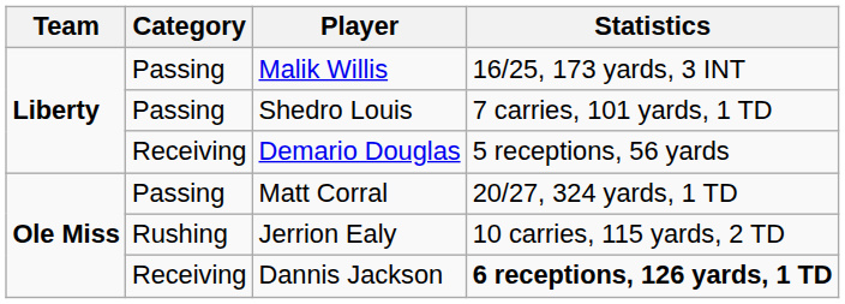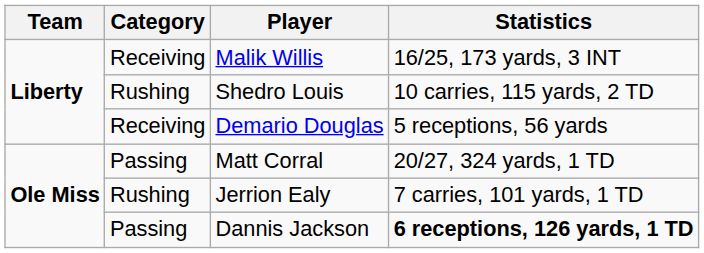 <table class="wikitable" style="float: right;">
 <tr>
 <th>Team</th>
 <th>Category</th>
 <th>Player</th>
 <th>Statistics</th>
 </tr>
 <tr>
 <td rowspan=3><strong>Liberty</strong></td>
-<td>Passing</td>
+<td>Receiving</td>
 <td><a href='#'>Malik Willis</a></td>
 <td>16/25, 173 yards, 3 INT</td>
 </tr>
 <tr>
-<td>Passing</td>
+<td>Rushing</td>
 <td>Shedro Louis</td>
-<td>7 carries, 101 yards, 1 TD</td>
+<td>10 carries, 115 yards, 2 TD</td>
 </tr>
 <tr>
 <td>Receiving</td>
 <td><a href='#'>Demario Douglas</a></td>
 <td>5 receptions, 56 yards</td>
 </tr>
 <tr>
 <td rowspan=3><strong>Ole Miss</strong></td>
 <td>Passing</td>
 <td>Matt Corral</td>
 <td>20/27, 324 yards, 1 TD</td>
 </tr>
 <tr>
 <td>Rushing</td>
 <td>Jerrion Ealy</td>
-<td>10 carries, 115 yards, 2 TD</td>
+<td>7 carries, 101 yards, 1 TD</td>
 </tr>
 <tr>
-<td>Receiving</td>
+<td>Passing</td>
 <td>Dannis Jackson</td>
 <td><strong>6 receptions, 126 yards, 1 TD</strong></td>
 </tr>
 </table>
